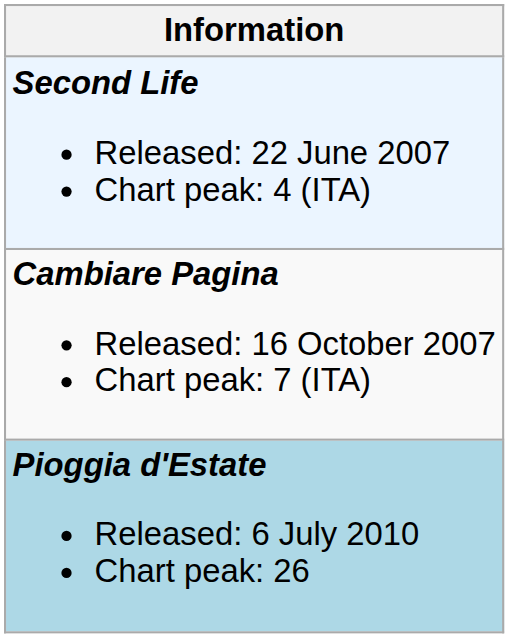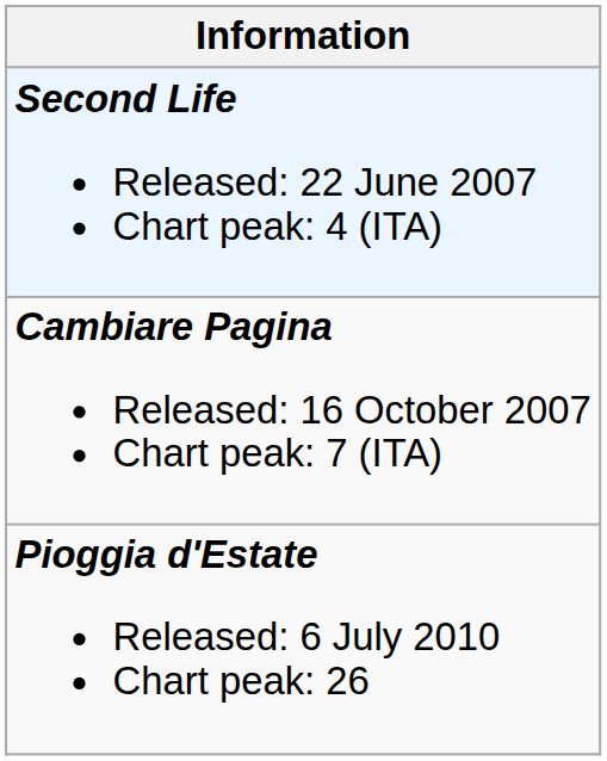 <table class="wikitable">
 <tr>
 <th>Information</th>
 </tr>
 <tr ---- bgcolor="#ebf5ff">
 <td><strong><em>Second Life</em></strong><br><ul><li>Released: 22 June 2007</li><li>Chart peak: 4  (ITA)</li></ul></td>
 </tr>
 <tr>
 <td><strong><em>Cambiare Pagina</em></strong><br><ul><li>Released: 16 October 2007</li><li>Chart peak: 7  (ITA)</li></ul></td>
 </tr>
 <tr>
-<td style="background: lightblue;"><strong><em>Pioggia d'Estate</em></strong><br><ul><li>Released: 6 July 2010</li><li>Chart peak: 26 </li></ul></td>
+<td><strong><em>Pioggia d'Estate</em></strong><br><ul><li>Released: 6 July 2010</li><li>Chart peak: 26 </li></ul></td>
 </tr>
 </table>
